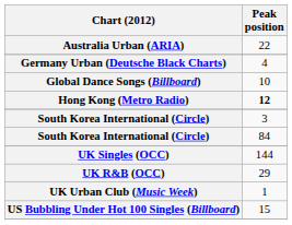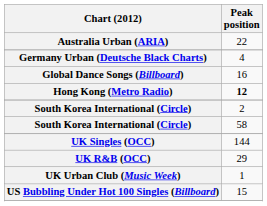 <table class="wikitable plainrowheaders sortable" style="text-align:center;">
 <tr>
 <th scope="col">Chart (2012)</th>
 <th scope="col">Peak<br>position</th>
 </tr>
 <tr>
 <th scope="row">Australia Urban (<a href='#'>ARIA</a>)</th>
 <td style="text-align:center;">22</td>
 </tr>
 <tr>
 </tr>
 <tr>
 </tr>
 <tr>
 </tr>
 <tr>
 <th scope="row">Germany Urban (<a href='#'>Deutsche Black Charts</a>)</th>
 <td>4</td>
 </tr>
 <tr>
 <th scope="row">Global Dance Songs (<em><a href='#'>Billboard</a></em>)</th>
-<td style="text-align:center;">10</td>
+<td style="text-align:center;">16</td>
 </tr>
 <tr>
 <th scope="row">Hong Kong (<a href='#'>Metro Radio</a>)</th>
 <td style="text-align:center;"><strong>12</strong></td>
 </tr>
 <tr>
 </tr>
 <tr>
 <th scope="row">South Korea International (<a href='#'>Circle</a>)</th>
-<td align="center">3</td>
+<td align="center">2</td>
 </tr>
 <tr>
 <th scope="row">South Korea International (<a href='#'>Circle</a>) <br> </th>
-<td>84</td>
+<td>58</td>
 </tr>
 <tr>
 </tr>
 <tr>
 <th scope="row"><a href='#'>UK Singles</a> (<a href='#'>OCC</a>)</th>
 <td>144</td>
 </tr>
 <tr>
 <th scope="row"><a href='#'>UK R&B</a> (<a href='#'>OCC</a>)</th>
 <td>29</td>
 </tr>
 <tr>
 <th scope="row">UK Urban Club (<em><a href='#'>Music Week</a></em>)</th>
 <td>1</td>
 </tr>
 <tr>
 <th scope="row">US <a href='#'>Bubbling Under Hot 100 Singles</a> (<em><a href='#'>Billboard</a></em>)</th>
 <td>15</td>
 </tr>
 <tr>
 </tr>
 <tr>
 </tr>
 <tr>
 </tr>
 <tr>
 </tr>
 </table>
